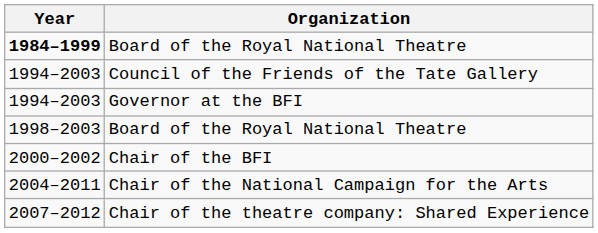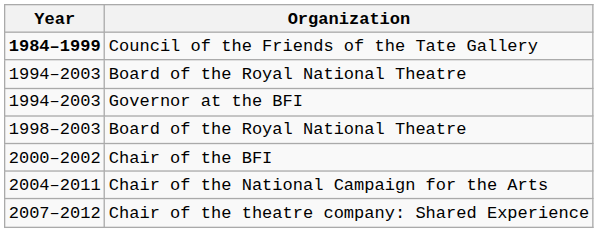 <table class="wikitable">
 <tr>
 <th>Year</th>
 <th>Organization</th>
 </tr>
 <tr>
 <td><strong>1984–1999</strong></td>
-<td>Board of the Royal National Theatre</td>
+<td>Council of the Friends of the Tate Gallery</td>
 </tr>
 <tr>
 <td>1994–2003</td>
-<td>Council of the Friends of the Tate Gallery</td>
+<td>Board of the Royal National Theatre</td>
 </tr>
 <tr>
 <td>1994–2003</td>
 <td>Governor at the BFI</td>
 </tr>
 <tr>
 <td>1998–2003</td>
 <td>Board of the Royal National Theatre</td>
 </tr>
 <tr>
 <td>2000–2002</td>
 <td>Chair of the BFI</td>
 </tr>
 <tr>
 <td>2004–2011</td>
 <td>Chair of the National Campaign for the Arts</td>
 </tr>
 <tr>
 <td>2007–2012</td>
 <td>Chair of the theatre company: Shared Experience</td>
 </tr>
 </table>
